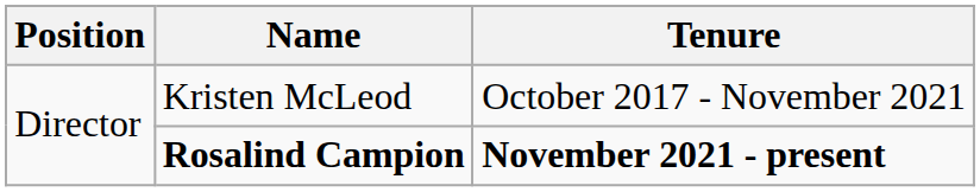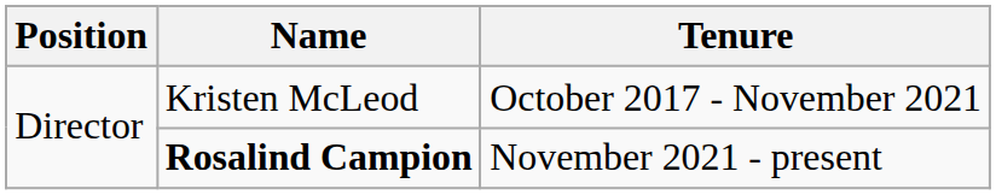 <table class="wikitable">
 <tr>
 <th>Position</th>
 <th>Name</th>
 <th>Tenure</th>
 </tr>
 <tr>
 <td rowspan="2">Director</td>
 <td>Kristen McLeod</td>
 <td>October 2017 - November 2021</td>
 </tr>
 <tr>
 <td><strong>Rosalind Campion</strong></td>
-<td><strong>November 2021 - present</strong></td>
+<td>November 2021 - present</td>
 </tr>
 </table>
